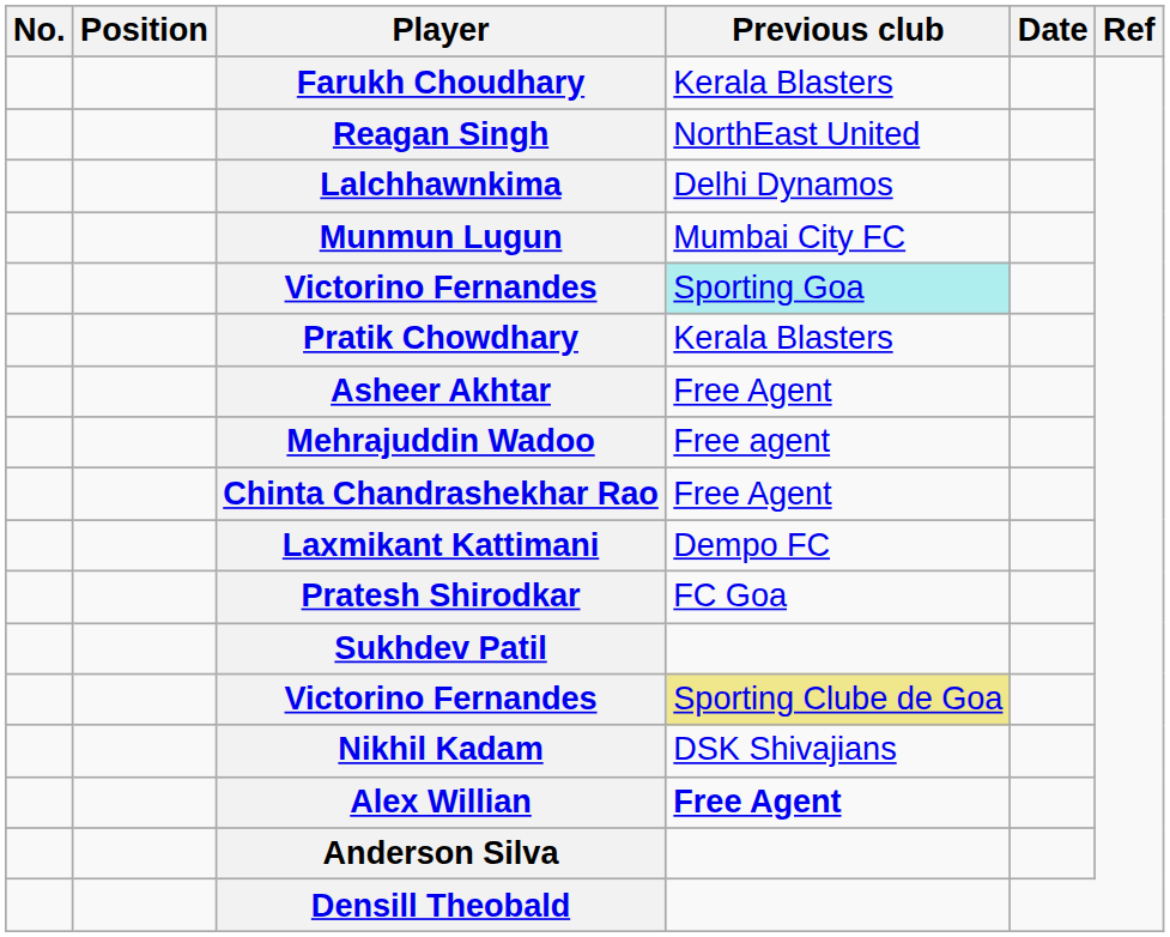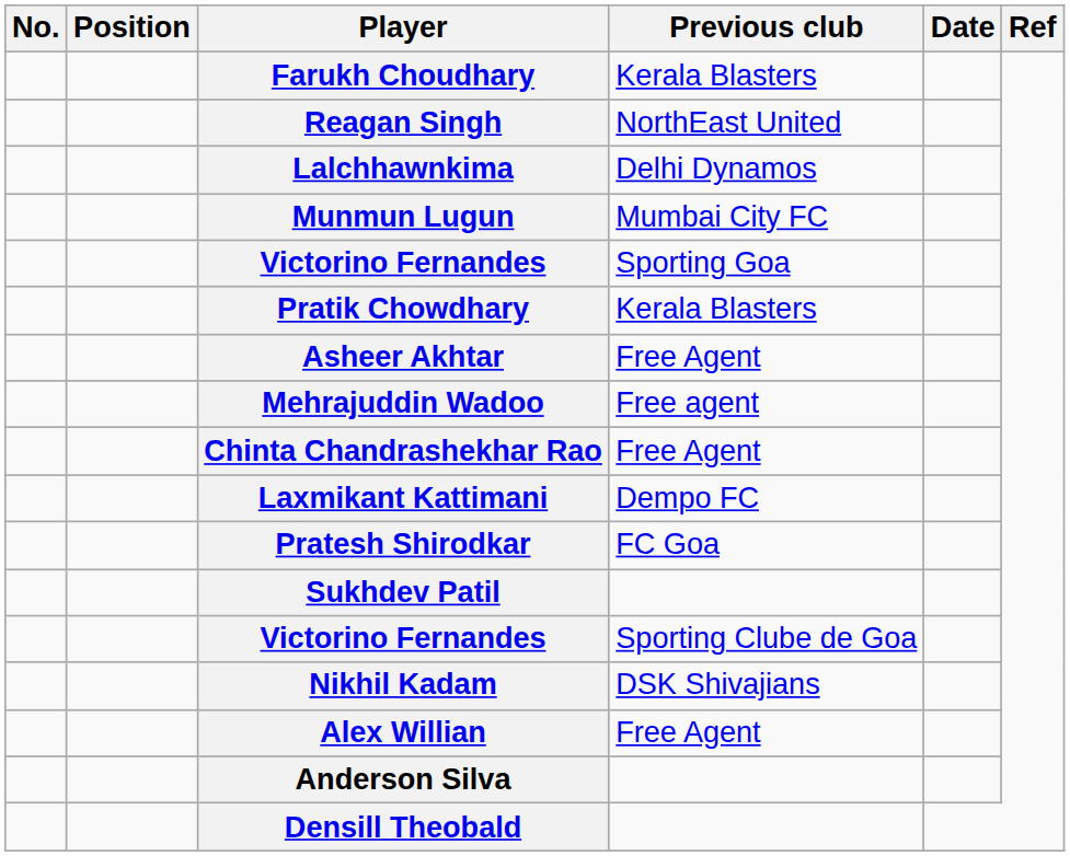 <table class="wikitable plainrowheaders" style="text-align:center; text-align:left">
 <tr>
 <th>No.</th>
 <th scope="col">Position</th>
 <th scope="col">Player</th>
 <th scope="col">Previous club</th>
 <th scope="col">Date</th>
 <th scope="col">Ref</th>
 </tr>
 <tr>
 <td></td>
 <td></td>
 <th scope="row"> <a href='#'>Farukh Choudhary</a></th>
 <td><a href='#'>Kerala Blasters</a></td>
 <td></td>
 </tr>
 <tr>
 <td></td>
 <td></td>
 <th scope="row"> <a href='#'>Reagan Singh</a></th>
 <td><a href='#'>NorthEast United</a></td>
 <td></td>
 </tr>
 <tr>
 <td></td>
 <td></td>
 <th scope="row"> <a href='#'>Lalchhawnkima</a></th>
 <td><a href='#'>Delhi Dynamos</a></td>
 <td></td>
 </tr>
 <tr>
 <td></td>
 <td></td>
 <th scope="row"> <a href='#'>Munmun Lugun</a></th>
 <td><a href='#'>Mumbai City FC</a></td>
 <td></td>
 </tr>
 <tr>
 <td></td>
 <td></td>
 <th scope="row"> <a href='#'>Victorino Fernandes</a></th>
-<td style="background: paleturquoise;"><a href='#'>Sporting Goa</a></td>
+<td><a href='#'>Sporting Goa</a></td>
 <td></td>
 </tr>
 <tr>
 <td></td>
 <td></td>
 <th scope="row"> <a href='#'>Pratik Chowdhary</a></th>
 <td><a href='#'>Kerala Blasters</a></td>
 <td></td>
 </tr>
 <tr>
 <td></td>
 <td></td>
 <th scope="row"> <a href='#'>Asheer Akhtar</a></th>
 <td><a href='#'>Free Agent</a></td>
 <td></td>
 </tr>
 <tr>
 <td></td>
 <td></td>
 <th scope="row"> <a href='#'>Mehrajuddin Wadoo</a></th>
 <td><a href='#'>Free agent</a></td>
 <td></td>
 </tr>
 <tr>
 <td></td>
 <td></td>
 <th scope="row"> <a href='#'>Chinta Chandrashekhar Rao </a></th>
 <td><a href='#'>Free Agent </a></td>
 <td></td>
 </tr>
 <tr>
 <td></td>
 <td></td>
 <th scope="row"> <a href='#'>Laxmikant Kattimani</a></th>
 <td><a href='#'>Dempo FC </a></td>
 <td></td>
 </tr>
 <tr>
 <td></td>
 <td></td>
 <th scope="row"> <a href='#'>Pratesh Shirodkar</a></th>
 <td><a href='#'>FC Goa </a></td>
 <td></td>
 </tr>
 <tr>
 <td></td>
 <td></td>
 <th scope="row"> <a href='#'>Sukhdev Patil</a></th>
 <td></td>
 <td></td>
 </tr>
 <tr>
 <td></td>
 <td></td>
 <th scope="row"> <a href='#'>Victorino Fernandes </a></th>
-<td style="background: khaki;"><a href='#'>Sporting Clube de Goa</a></td>
+<td><a href='#'>Sporting Clube de Goa</a></td>
 <td></td>
 </tr>
 <tr>
 <td></td>
 <td></td>
 <th scope="row"> <a href='#'>Nikhil Kadam</a></th>
 <td><a href='#'>DSK Shivajians</a></td>
 <td></td>
 </tr>
 <tr>
 <td></td>
 <td></td>
 <th scope="row"> <a href='#'>Alex Willian</a></th>
-<td><strong><a href='#'>Free Agent </a></strong></td>
+<td><a href='#'>Free Agent </a></td>
 <td></td>
 </tr>
 <tr>
 <td></td>
 <td></td>
 <th scope="row"> Anderson Silva</th>
 <td></td>
 <td></td>
 </tr>
 <tr>
 <td></td>
 <td></td>
 <th scope="row"> <a href='#'>Densill Theobald</a></th>
 <td></td>
 </tr>
 </table>
